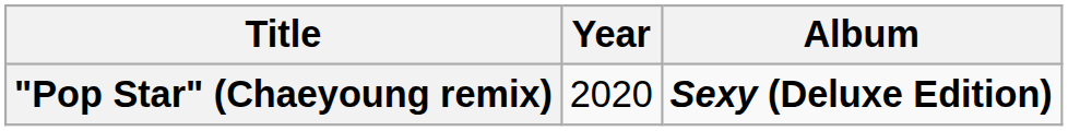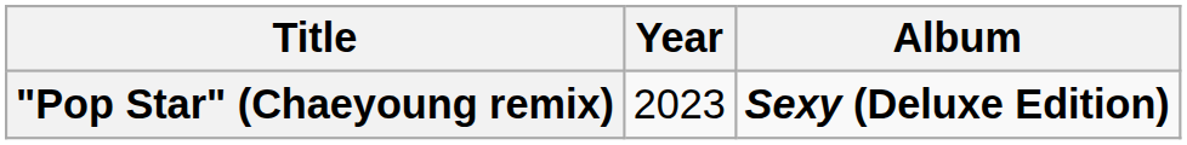 <table class="wikitable plainrowheaders" style="text-align:center;">
 <tr>
 <th scope="col">Title</th>
 <th scope="col">Year</th>
 <th scope="col">Album</th>
 </tr>
 <tr>
 <th scope="row">"Pop Star" (Chaeyoung remix)<br></th>
-<td>2020</td>
+<td>2023</td>
 <td><strong><em>Sexy</em> (Deluxe Edition)</strong></td>
 </tr>
 </table>
